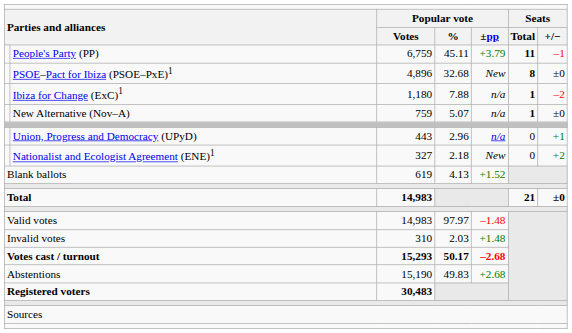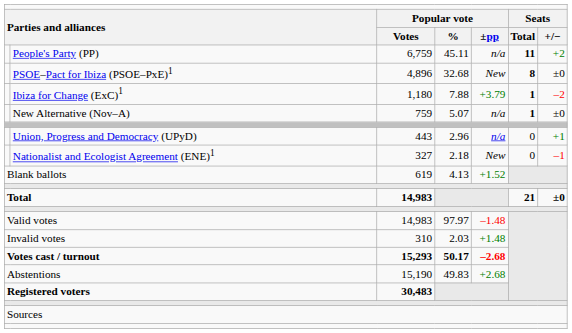 <table class="wikitable" style="text-align:right;">
 <tr>
 <td colspan="7"></td>
 </tr>
 <tr>
 <th style="text-align:left;" rowspan="2" colspan="2" width="525">Parties and alliances</th>
 <th colspan="3">Popular vote</th>
 <th colspan="2">Seats</th>
 </tr>
 <tr>
 <th width="75">Votes</th>
 <th width="45">%</th>
 <th width="45">±<a href='#'>pp</a></th>
 <th width="35">Total</th>
 <th width="35">+/−</th>
 </tr>
 <tr>
 <td width="1" style="color:inherit;background:"></td>
 <td align="left"><a href='#'>People's Party</a> (PP)</td>
 <td>6,759</td>
 <td>45.11</td>
-<td style="color:green;">+3.79</td>
+<td><em>n/a</em></td>
 <td><strong>11</strong></td>
-<td style="color:red;">–1</td>
+<td style="color:green;">+2</td>
 </tr>
 <tr>
 <td style="color:inherit;background:"></td>
 <td align="left"><a href='#'>PSOE</a>–<a href='#'>Pact for Ibiza</a> (PSOE–PxE)<sup>1</sup></td>
 <td>4,896</td>
 <td>32.68</td>
 <td><em>New</em></td>
 <td><strong>8</strong></td>
 <td>±0</td>
 </tr>
 <tr>
 <td style="color:inherit;background:"></td>
 <td align="left"><a href='#'>Ibiza for Change</a> (ExC)<sup>1</sup></td>
 <td>1,180</td>
 <td>7.88</td>
-<td><em>n/a</em></td>
+<td style="color:green;">+3.79</td>
 <td><strong>1</strong></td>
 <td style="color:red;">–2</td>
 </tr>
 <tr>
 <td style="color:inherit;background:"></td>
 <td align="left">New Alternative (Nov–A)</td>
 <td>759</td>
 <td>5.07</td>
 <td><em>n/a</em></td>
 <td><strong>1</strong></td>
 <td>±0</td>
 </tr>
 <tr>
 <td colspan="7" style="color:inherit;background:#C0C0C0"></td>
 </tr>
 <tr>
 <td style="color:inherit;background:"></td>
 <td align="left"><a href='#'>Union, Progress and Democracy</a> (UPyD)</td>
 <td>443</td>
 <td>2.96</td>
 <td><em><a href='#'>n/a</a></em></td>
 <td>0</td>
 <td style="color:green;">+1</td>
 </tr>
 <tr>
 <td style="color:inherit;background:"></td>
 <td align="left"><a href='#'>Nationalist and Ecologist Agreement</a> (ENE)<sup>1</sup></td>
 <td>327</td>
 <td>2.18</td>
 <td><em>New</em></td>
 <td>0</td>
-<td style="color:green;">+2</td>
+<td style="color:red;">–1</td>
 </tr>
 <tr>
 <td align="left" colspan="2">Blank ballots</td>
 <td>619</td>
 <td>4.13</td>
 <td style="color:green;">+1.52</td>
 <td style="color:inherit;background:#E9E9E9" colspan="2"></td>
 </tr>
 <tr>
 <td colspan="7" style="color:inherit;background:#E9E9E9"></td>
 </tr>
 <tr style="font-weight:bold;">
 <td align="left" colspan="2">Total</td>
 <td>14,983</td>
 <td bgcolor="#E9E9E9" colspan="2"></td>
 <td>21</td>
 <td>±0</td>
 </tr>
 <tr>
 <td colspan="7" style="color:inherit;background:#E9E9E9"></td>
 </tr>
 <tr>
 <td align="left" colspan="2">Valid votes</td>
 <td>14,983</td>
 <td>97.97</td>
 <td style="color:red;">–1.48</td>
 <td bgcolor="#E9E9E9" colspan="2" rowspan="5"></td>
 </tr>
 <tr>
 <td align="left" colspan="2">Invalid votes</td>
 <td>310</td>
 <td>2.03</td>
 <td style="color:green;">+1.48</td>
 </tr>
 <tr style="font-weight:bold;">
 <td align="left" colspan="2">Votes cast / turnout</td>
 <td>15,293</td>
 <td>50.17</td>
 <td style="color:red;">–2.68</td>
 </tr>
 <tr>
 <td align="left" colspan="2">Abstentions</td>
 <td>15,190</td>
 <td>49.83</td>
 <td style="color:green;">+2.68</td>
 </tr>
 <tr style="font-weight:bold;">
 <td align="left" colspan="2">Registered voters</td>
 <td>30,483</td>
 <td bgcolor="#E9E9E9" colspan="2"></td>
 </tr>
 <tr>
 <td colspan="7" style="color:inherit;background:#E9E9E9"></td>
 </tr>
 <tr>
 <td align="left" colspan="7">Sources</td>
 </tr>
 <tr>
 <td colspan="7" style="text-align:left; max-width:790px;"></td>
 </tr>
 </table>
